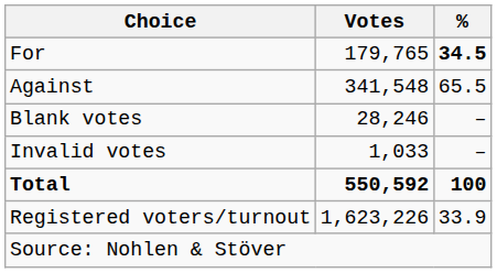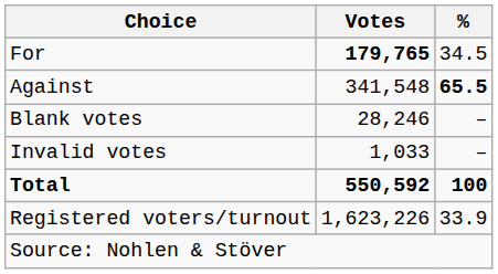 <table class=wikitable style=text-align:right>
 <tr>
 <th>Choice</th>
 <th>Votes</th>
 <th>%</th>
 </tr>
 <tr>
 <td align=left>For</td>
-<td>179,765</td>
-<td><strong>34.5</strong></td>
+<td><strong>179,765</strong></td>
+<td>34.5</td>
 </tr>
 <tr>
 <td align=left>Against</td>
 <td>341,548</td>
-<td>65.5</td>
+<td><strong>65.5</strong></td>
 </tr>
 <tr>
 <td align=left>Blank votes</td>
 <td>28,246</td>
 <td>–</td>
 </tr>
 <tr>
 <td align=left>Invalid votes</td>
 <td>1,033</td>
 <td>–</td>
 </tr>
 <tr>
 <td align=left><strong>Total</strong></td>
 <td><strong>550,592</strong></td>
 <td><strong>100</strong></td>
 </tr>
 <tr>
 <td align=left>Registered voters/turnout</td>
 <td>1,623,226</td>
 <td>33.9</td>
 </tr>
 <tr>
 <td align=left colspan=3>Source: Nohlen & Stöver</td>
 </tr>
 </table>
